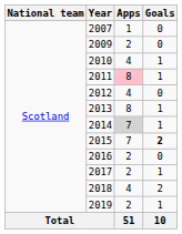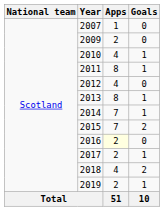 <table class="wikitable" style="text-align:center">
 <tr>
 <th>National team</th>
 <th>Year</th>
 <th>Apps</th>
 <th>Goals</th>
 </tr>
 <tr>
 <td rowspan="12"><a href='#'>Scotland</a></td>
 <td>2007</td>
 <td>1</td>
 <td>0</td>
 </tr>
 <tr>
 <td>2009</td>
 <td>2</td>
 <td>0</td>
 </tr>
 <tr>
 <td>2010</td>
 <td>4</td>
 <td>1</td>
 </tr>
 <tr>
 <td>2011</td>
-<td style="background: pink;">8</td>
+<td>8</td>
 <td>1</td>
 </tr>
 <tr>
 <td>2012</td>
 <td>4</td>
 <td>0</td>
 </tr>
 <tr>
 <td>2013</td>
 <td>8</td>
 <td>1</td>
 </tr>
 <tr>
 <td>2014</td>
-<td style="background: lightgrey;">7</td>
+<td>7</td>
 <td>1</td>
 </tr>
 <tr>
 <td>2015</td>
 <td>7</td>
-<td><strong>2</strong></td>
+<td>2</td>
 </tr>
 <tr>
 <td>2016</td>
-<td>2</td>
+<td style="background: lightyellow;">2</td>
 <td>0</td>
 </tr>
 <tr>
 <td>2017</td>
 <td>2</td>
 <td>1</td>
 </tr>
 <tr>
 <td>2018</td>
 <td>4</td>
 <td>2</td>
 </tr>
 <tr>
 <td>2019</td>
 <td>2</td>
 <td>1</td>
 </tr>
 <tr>
 <th colspan="2">Total</th>
 <th>51</th>
 <th>10</th>
 </tr>
 </table>
